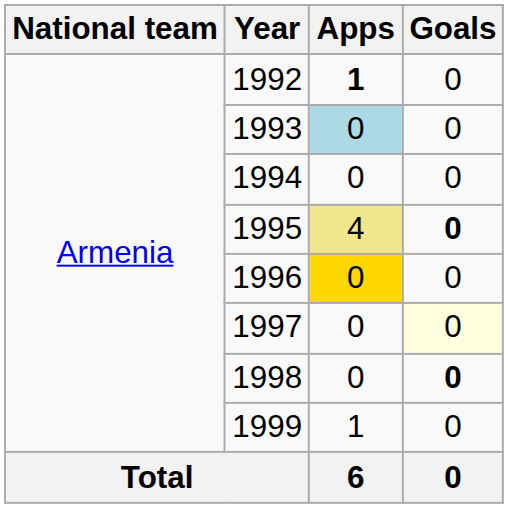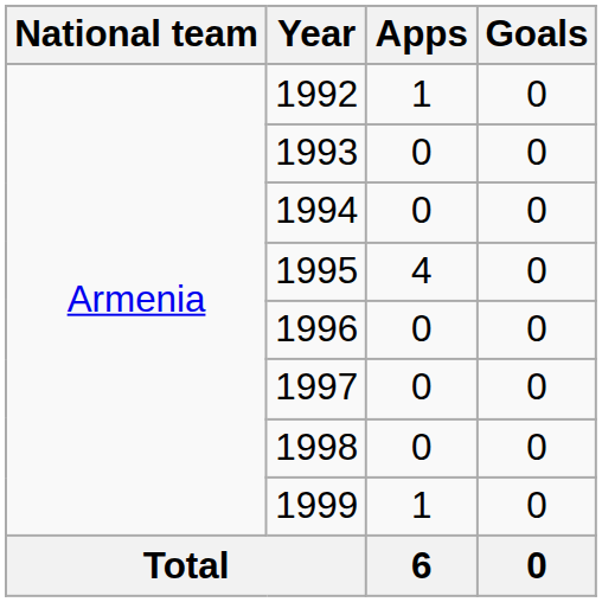 <table class="wikitable" style="text-align:center">
 <tr>
 <th>National team</th>
 <th>Year</th>
 <th>Apps</th>
 <th>Goals</th>
 </tr>
 <tr>
 <td rowspan="8"><a href='#'>Armenia</a></td>
 <td>1992</td>
-<td><strong>1</strong></td>
+<td>1</td>
 <td>0</td>
 </tr>
 <tr>
 <td>1993</td>
-<td style="background: lightblue;">0</td>
+<td>0</td>
 <td>0</td>
 </tr>
 <tr>
 <td>1994</td>
 <td>0</td>
 <td>0</td>
 </tr>
 <tr>
 <td>1995</td>
-<td style="background: khaki;">4</td>
-<td><strong>0</strong></td>
+<td>4</td>
+<td>0</td>
 </tr>
 <tr>
 <td>1996</td>
-<td style="background: gold;">0</td>
+<td>0</td>
 <td>0</td>
 </tr>
 <tr>
 <td>1997</td>
 <td>0</td>
-<td style="background: lightyellow;">0</td>
+<td>0</td>
 </tr>
 <tr>
 <td>1998</td>
 <td>0</td>
-<td><strong>0</strong></td>
+<td>0</td>
 </tr>
 <tr>
 <td>1999</td>
 <td>1</td>
 <td>0</td>
 </tr>
 <tr>
 <th colspan="2">Total</th>
 <th>6</th>
 <th>0</th>
 </tr>
 </table>
